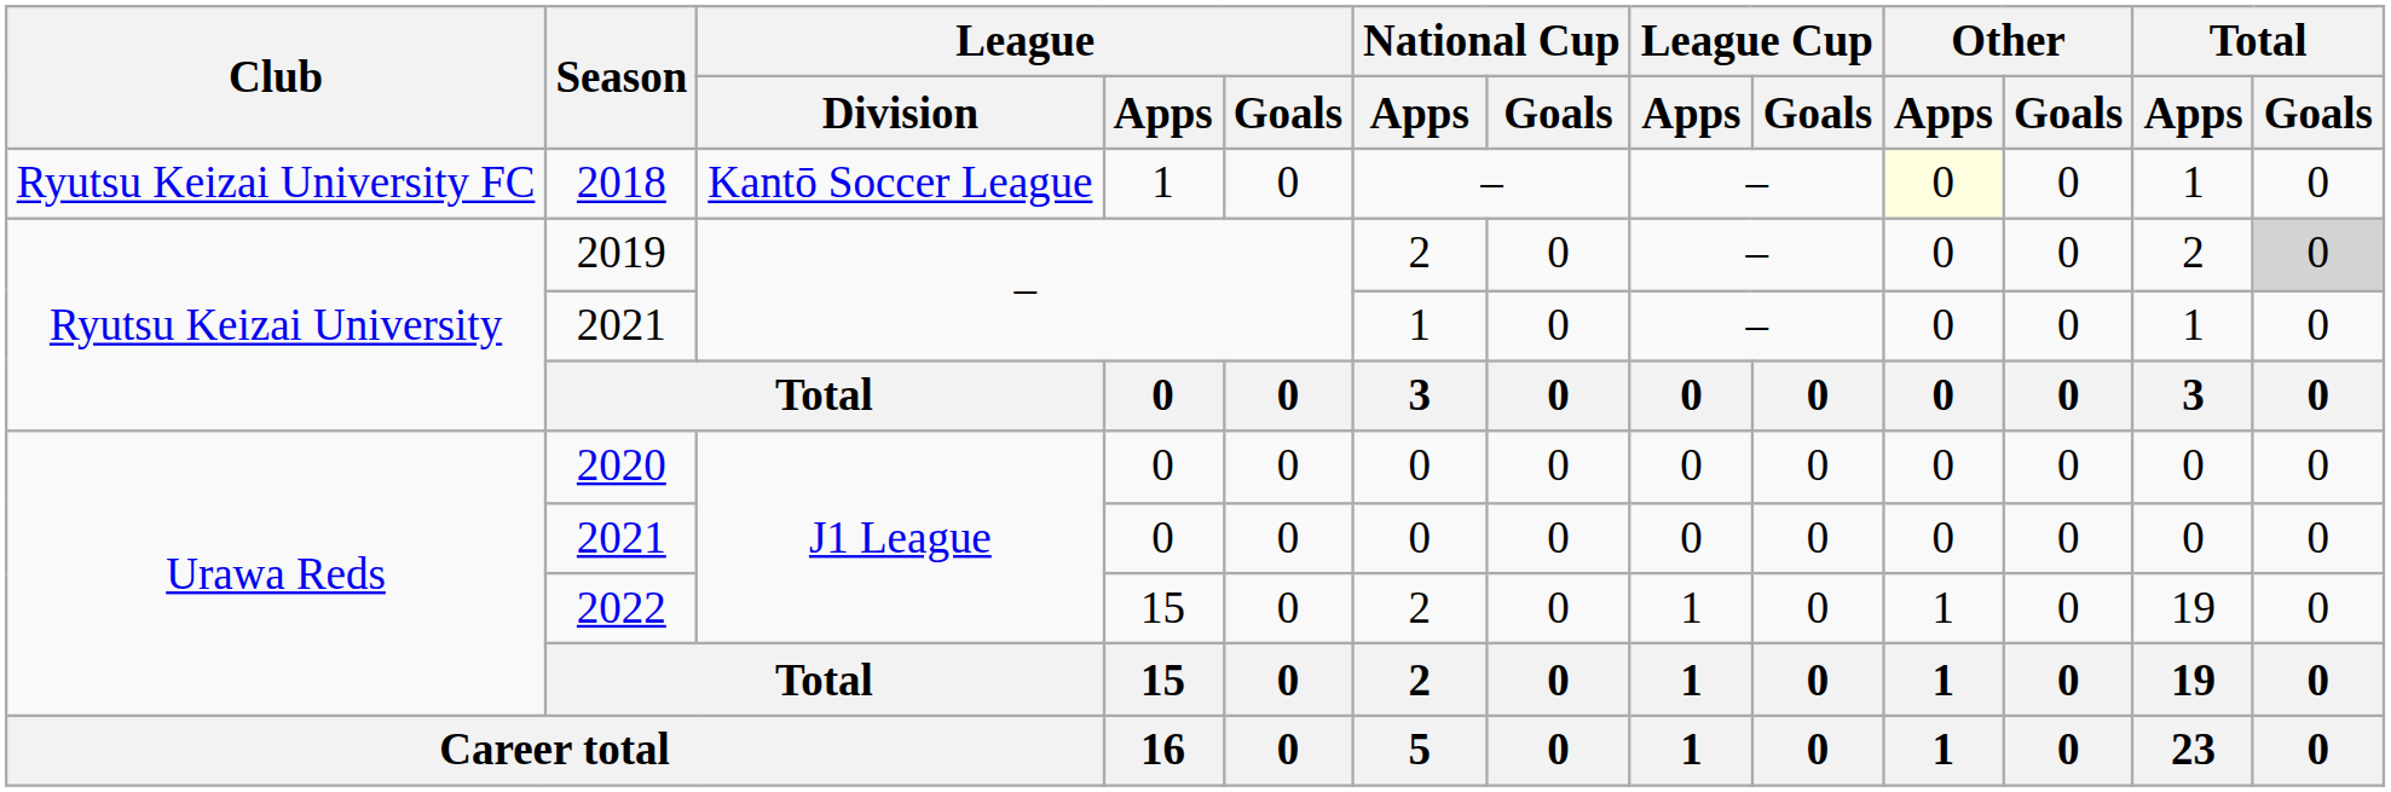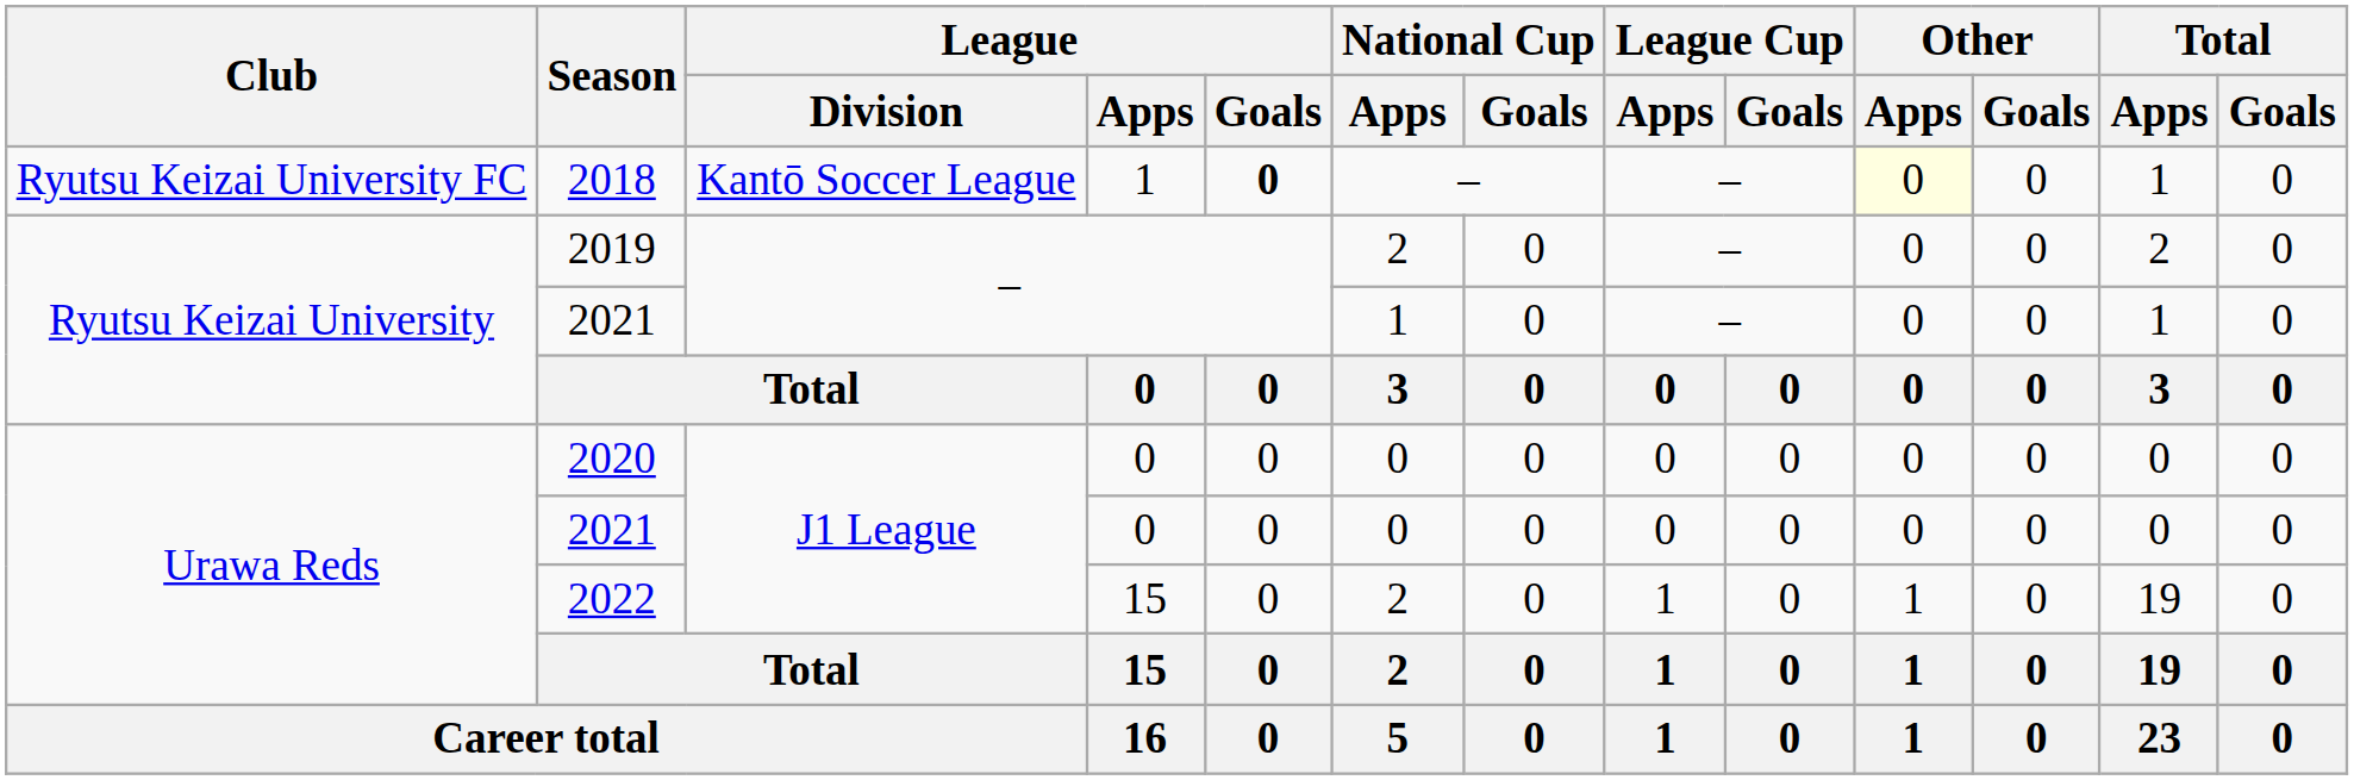 <table class="wikitable" style="text-align: center">
 <tr>
 <th rowspan="2">Club</th>
 <th rowspan="2">Season</th>
 <th colspan="3">League</th>
 <th colspan="2">National Cup</th>
 <th colspan="2">League Cup</th>
 <th colspan="2">Other</th>
 <th colspan="2">Total</th>
 </tr>
 <tr>
 <th>Division</th>
 <th>Apps</th>
 <th>Goals</th>
 <th>Apps</th>
 <th>Goals</th>
 <th>Apps</th>
 <th>Goals</th>
 <th>Apps</th>
 <th>Goals</th>
 <th>Apps</th>
 <th>Goals</th>
 </tr>
 <tr>
 <td><a href='#'>Ryutsu Keizai University FC</a></td>
 <td><a href='#'>2018</a></td>
 <td><a href='#'>Kantō Soccer League</a></td>
 <td>1</td>
-<td>0</td>
+<td><strong>0</strong></td>
 <td colspan="2">–</td>
 <td colspan="2">–</td>
 <td style="background: lightyellow;">0</td>
 <td>0</td>
 <td>1</td>
 <td>0</td>
 </tr>
 <tr>
 <td rowspan="3"><a href='#'>Ryutsu Keizai University</a></td>
 <td>2019</td>
 <td colspan="3" rowspan="2">–</td>
 <td>2</td>
 <td>0</td>
 <td colspan="2">–</td>
 <td>0</td>
 <td>0</td>
 <td>2</td>
-<td style="background: lightgrey;">0</td>
+<td>0</td>
 </tr>
 <tr>
 <td>2021</td>
 <td>1</td>
 <td>0</td>
 <td colspan="2">–</td>
 <td>0</td>
 <td>0</td>
 <td>1</td>
 <td>0</td>
 </tr>
 <tr>
 <th colspan=2>Total</th>
 <th>0</th>
 <th>0</th>
 <th>3</th>
 <th>0</th>
 <th>0</th>
 <th>0</th>
 <th>0</th>
 <th>0</th>
 <th>3</th>
 <th>0</th>
 </tr>
 <tr>
 <td rowspan="4"><a href='#'>Urawa Reds</a></td>
 <td><a href='#'>2020</a></td>
 <td rowspan="3"><a href='#'>J1 League</a></td>
 <td>0</td>
 <td>0</td>
 <td>0</td>
 <td>0</td>
 <td>0</td>
 <td>0</td>
 <td>0</td>
 <td>0</td>
 <td>0</td>
 <td>0</td>
 </tr>
 <tr>
 <td><a href='#'>2021</a></td>
 <td>0</td>
 <td>0</td>
 <td>0</td>
 <td>0</td>
 <td>0</td>
 <td>0</td>
 <td>0</td>
 <td>0</td>
 <td>0</td>
 <td>0</td>
 </tr>
 <tr>
 <td><a href='#'>2022</a></td>
 <td>15</td>
 <td>0</td>
 <td>2</td>
 <td>0</td>
 <td>1</td>
 <td>0</td>
 <td>1</td>
 <td>0</td>
 <td>19</td>
 <td>0</td>
 </tr>
 <tr>
 <th colspan=2>Total</th>
 <th>15</th>
 <th>0</th>
 <th>2</th>
 <th>0</th>
 <th>1</th>
 <th>0</th>
 <th>1</th>
 <th>0</th>
 <th>19</th>
 <th>0</th>
 </tr>
 <tr>
 <th colspan=3>Career total</th>
 <th>16</th>
 <th>0</th>
 <th>5</th>
 <th>0</th>
 <th>1</th>
 <th>0</th>
 <th>1</th>
 <th>0</th>
 <th>23</th>
 <th>0</th>
 </tr>
 </table>
